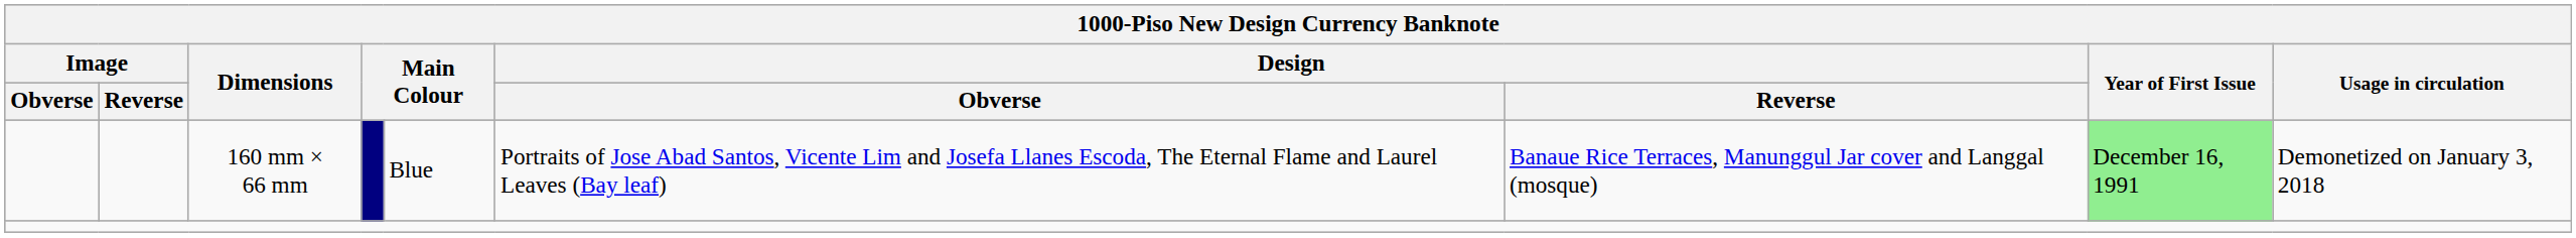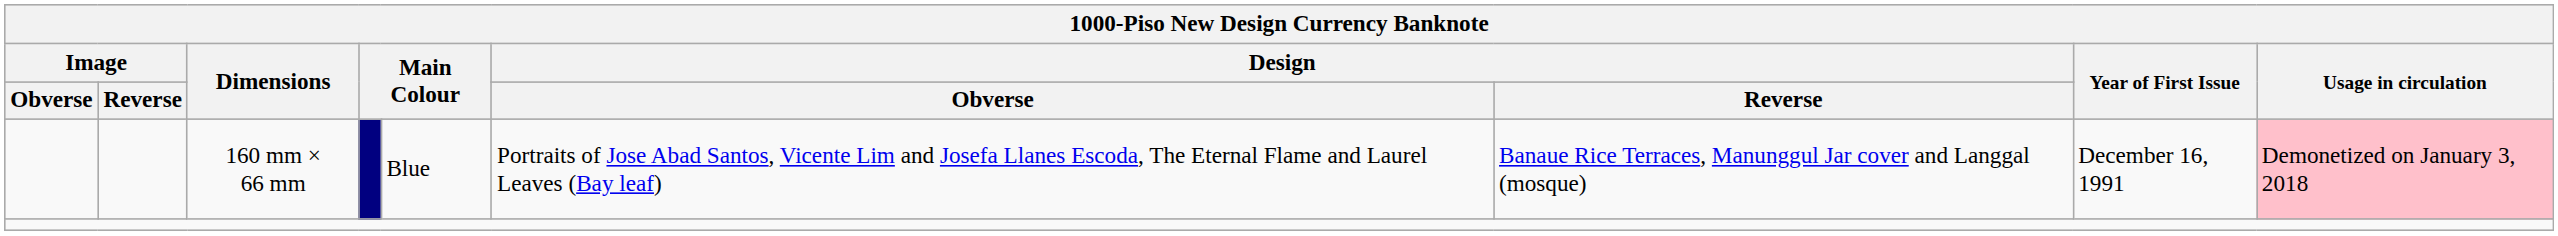 <table class="wikitable" style="margin:auto; font-size:90%;">
 <tr>
 <th colspan="9">1000-Piso New Design Currency Banknote</th>
 </tr>
 <tr>
 <th colspan="2">Image</th>
 <th rowspan="2">Dimensions</th>
 <th colspan="2" rowspan="2">Main Colour</th>
 <th colspan="2">Design</th>
 <th rowspan="2"><small> Year of First Issue</small></th>
 <th rowspan="2"><small>Usage in circulation</small></th>
 </tr>
 <tr>
 <th>Obverse</th>
 <th>Reverse</th>
 <th>Obverse</th>
 <th>Reverse</th>
 </tr>
 <tr style="height:62px">
 <td style="text-align:center;"></td>
 <td style="text-align:center;"></td>
 <td style="text-align:center;">160 mm × 66 mm</td>
 <td style="text-align:center; background:#010080;"></td>
 <td>Blue</td>
 <td>Portraits of <a href='#'>Jose Abad Santos</a>, <a href='#'>Vicente Lim</a> and <a href='#'>Josefa Llanes Escoda</a>, The Eternal Flame and Laurel Leaves (<a href='#'>Bay leaf</a>)</td>
 <td><a href='#'>Banaue Rice Terraces</a>, <a href='#'>Manunggul Jar cover</a> and Langgal (mosque)</td>
-<td style="background: lightgreen;">December 16, 1991</td>
-<td>Demonetized on January 3, 2018</td>
+<td>December 16, 1991</td>
+<td style="background: pink;">Demonetized on January 3, 2018</td>
 </tr>
 <tr>
 <td colspan="9"></td>
 </tr>
 </table>
